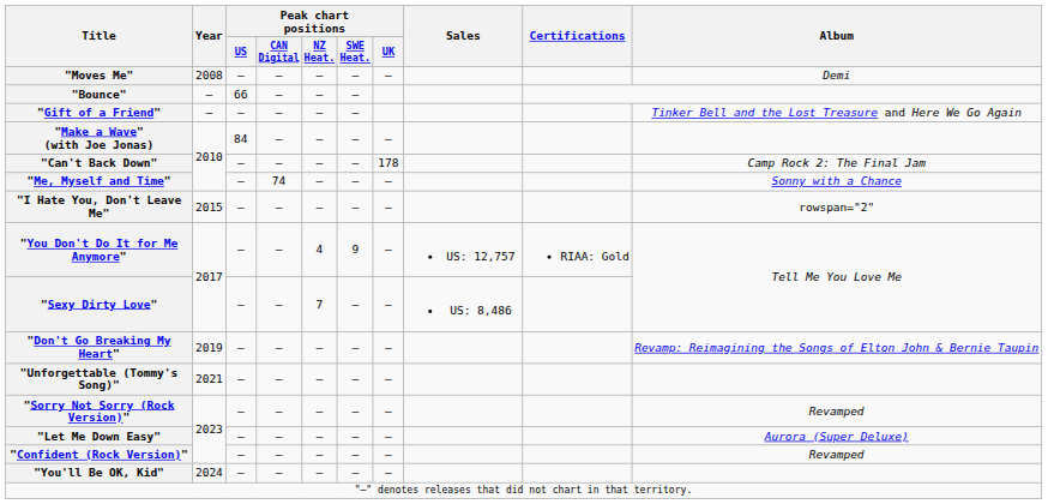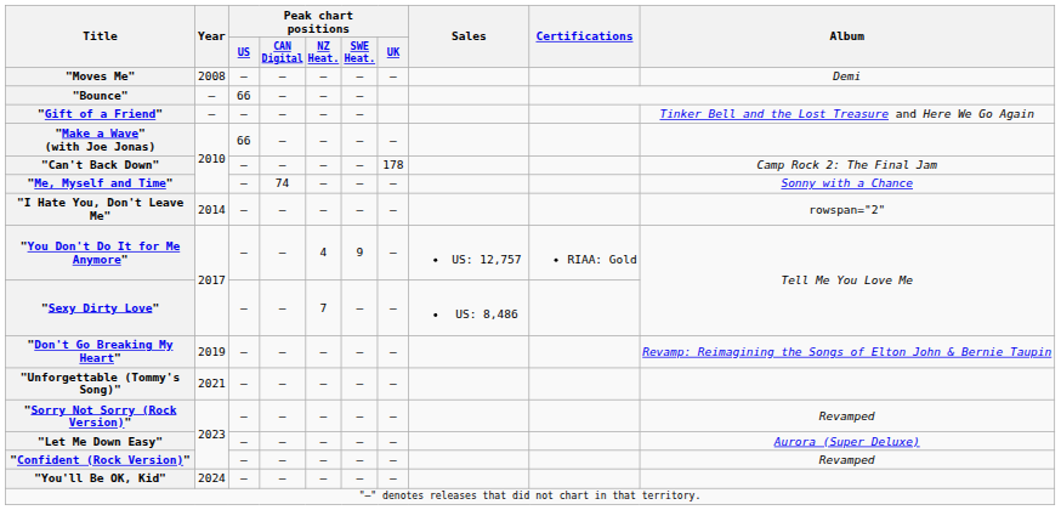 <table class="wikitable plainrowheaders" style="text-align:center;">
 <tr>
 <th scope="col" rowspan="2" style="width:16em;">Title</th>
 <th scope="col" rowspan="2">Year</th>
 <th scope="col" colspan="5">Peak chart<br>positions</th>
 <th scope="col" rowspan="2" style="width:10em;">Sales</th>
 <th rowspan="2"><a href='#'>Certifications</a></th>
 <th rowspan="2" scope="col">Album</th>
 </tr>
 <tr>
 <th scope="col" style="width:2.5em;font-size:90%;"><a href='#'>US</a><br></th>
 <th style="width:2.5em;font-size:85%;"><a href='#'>CAN<br>Digital</a><br></th>
 <th scope="col" style="width:2.5em;font-size:90%;"><a href='#'>NZ<br>Heat.</a><br></th>
 <th scope="col" style="width:2.5em;font-size:90%;"><a href='#'>SWE<br>Heat.</a><br></th>
 <th scope="col" style="width:2.5em;font-size:90%;"><a href='#'>UK</a><br></th>
 </tr>
 <tr>
 <th scope="row">"Moves Me"</th>
 <td>2008</td>
 <td>—</td>
 <td>—</td>
 <td>—</td>
 <td>—</td>
 <td>—</td>
 <td></td>
 <td></td>
 <td><em>Demi</em></td>
 </tr>
 <tr>
 <th scope="row">"Bounce"<br></th>
 <td>—</td>
 <td>66</td>
 <td>—</td>
 <td>—</td>
 <td>—</td>
 <td></td>
 <td></td>
 </tr>
 <tr>
 <th scope="row">"<a href='#'>Gift of a Friend</a>"</th>
 <td>—</td>
 <td>—</td>
 <td>—</td>
 <td>—</td>
 <td>—</td>
 <td></td>
 <td></td>
 <td></td>
 <td><em><a href='#'>Tinker Bell and the Lost Treasure</a></em> and <em>Here We Go Again</em></td>
 </tr>
 <tr>
 <th scope="row">"<a href='#'>Make a Wave</a>"<br><span>(with Joe Jonas)</span></th>
 <td rowspan="3">2010</td>
-<td>84</td>
+<td>66</td>
 <td>—</td>
 <td>—</td>
 <td>—</td>
 <td>—</td>
 <td></td>
 <td></td>
 <td></td>
 </tr>
 <tr>
 <th scope="row">"Can't Back Down"<br></th>
 <td>—</td>
 <td>—</td>
 <td>—</td>
 <td>—</td>
 <td>178</td>
 <td></td>
 <td></td>
 <td><em>Camp Rock 2: The Final Jam</em></td>
 </tr>
 <tr>
 <th scope="row">"<a href='#'>Me, Myself and Time</a>"</th>
 <td>—</td>
 <td>74</td>
 <td>—</td>
 <td>—</td>
 <td>—</td>
 <td></td>
 <td></td>
 <td><em><a href='#'>Sonny with a Chance</a></em></td>
 </tr>
 <tr>
 <th scope="row">"I Hate You, Don't Leave Me"</th>
-<td>2015</td>
+<td>2014</td>
 <td>—</td>
 <td>—</td>
 <td>—</td>
 <td>—</td>
 <td>—</td>
 <td></td>
 <td></td>
 <td>rowspan="2" </td>
 </tr>
 <tr>
 <th scope="row">"<a href='#'>You Don't Do It for Me Anymore</a>"</th>
 <td rowspan="2">2017</td>
 <td>—</td>
 <td>—</td>
 <td>4</td>
 <td>9</td>
 <td>—</td>
 <td><br><ul><li>US: 12,757</li></ul></td>
 <td><br><ul><li>RIAA: Gold</li></ul></td>
 <td rowspan="2"><em>Tell Me You Love Me</em></td>
 </tr>
 <tr>
 <th scope="row">"<a href='#'>Sexy Dirty Love</a>"</th>
 <td>—</td>
 <td>—</td>
 <td>7</td>
 <td>—</td>
 <td>—</td>
 <td><br><ul><li>US: 8,486</li></ul></td>
 <td></td>
 </tr>
 <tr>
 <th scope="row">"<a href='#'>Don't Go Breaking My Heart</a>"<br></th>
 <td>2019</td>
 <td>—</td>
 <td>—</td>
 <td>—</td>
 <td>—</td>
 <td>—</td>
 <td></td>
 <td></td>
 <td><em><a href='#'>Revamp: Reimagining the Songs of Elton John & Bernie Taupin</a></em></td>
 </tr>
 <tr>
 <th scope="row">"Unforgettable (Tommy's Song)"</th>
 <td>2021</td>
 <td>—</td>
 <td>—</td>
 <td>—</td>
 <td>—</td>
 <td>—</td>
 <td></td>
 <td></td>
 <td></td>
 </tr>
 <tr>
 <th scope="row">"<a href='#'>Sorry Not Sorry (Rock Version)</a>" <br></th>
 <td rowspan="3">2023</td>
 <td>—</td>
 <td>—</td>
 <td>—</td>
 <td>—</td>
 <td>—</td>
 <td></td>
 <td></td>
 <td><em>Revamped</em></td>
 </tr>
 <tr>
 <th scope="row">"Let Me Down Easy"<br></th>
 <td>—</td>
 <td>—</td>
 <td>—</td>
 <td>—</td>
 <td>—</td>
 <td></td>
 <td></td>
 <td><em><a href='#'>Aurora (Super Deluxe)</a></em></td>
 </tr>
 <tr>
 <th scope="row">"<a href='#'>Confident (Rock Version)</a>"</th>
 <td>—</td>
 <td>—</td>
 <td>—</td>
 <td>—</td>
 <td>—</td>
 <td></td>
 <td></td>
 <td><em>Revamped</em></td>
 </tr>
 <tr>
 <th scope="row">"You'll Be OK, Kid"</th>
 <td>2024</td>
 <td>—</td>
 <td>—</td>
 <td>—</td>
 <td>—</td>
 <td>—</td>
 <td></td>
 <td></td>
 <td></td>
 </tr>
 <tr>
 <td colspan="15" style="text-align:center; font-size:85%">"—" denotes releases that did not chart in that territory.</td>
 </tr>
 </table>
